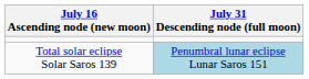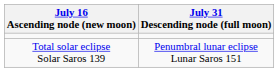 <table class="wikitable">
 <tr>
 <th><a href='#'>July 16</a><br>Ascending node (new moon)<br></th>
 <th><a href='#'>July 31</a><br>Descending node (full moon)<br></th>
 </tr>
 <tr>
 <td></td>
 <td></td>
 </tr>
 <tr align=center>
 <td><a href='#'>Total solar eclipse</a><br>Solar Saros 139</td>
-<td style="background: lightblue;"><a href='#'>Penumbral lunar eclipse</a><br>Lunar Saros 151</td>
+<td><a href='#'>Penumbral lunar eclipse</a><br>Lunar Saros 151</td>
 </tr>
 </table>
